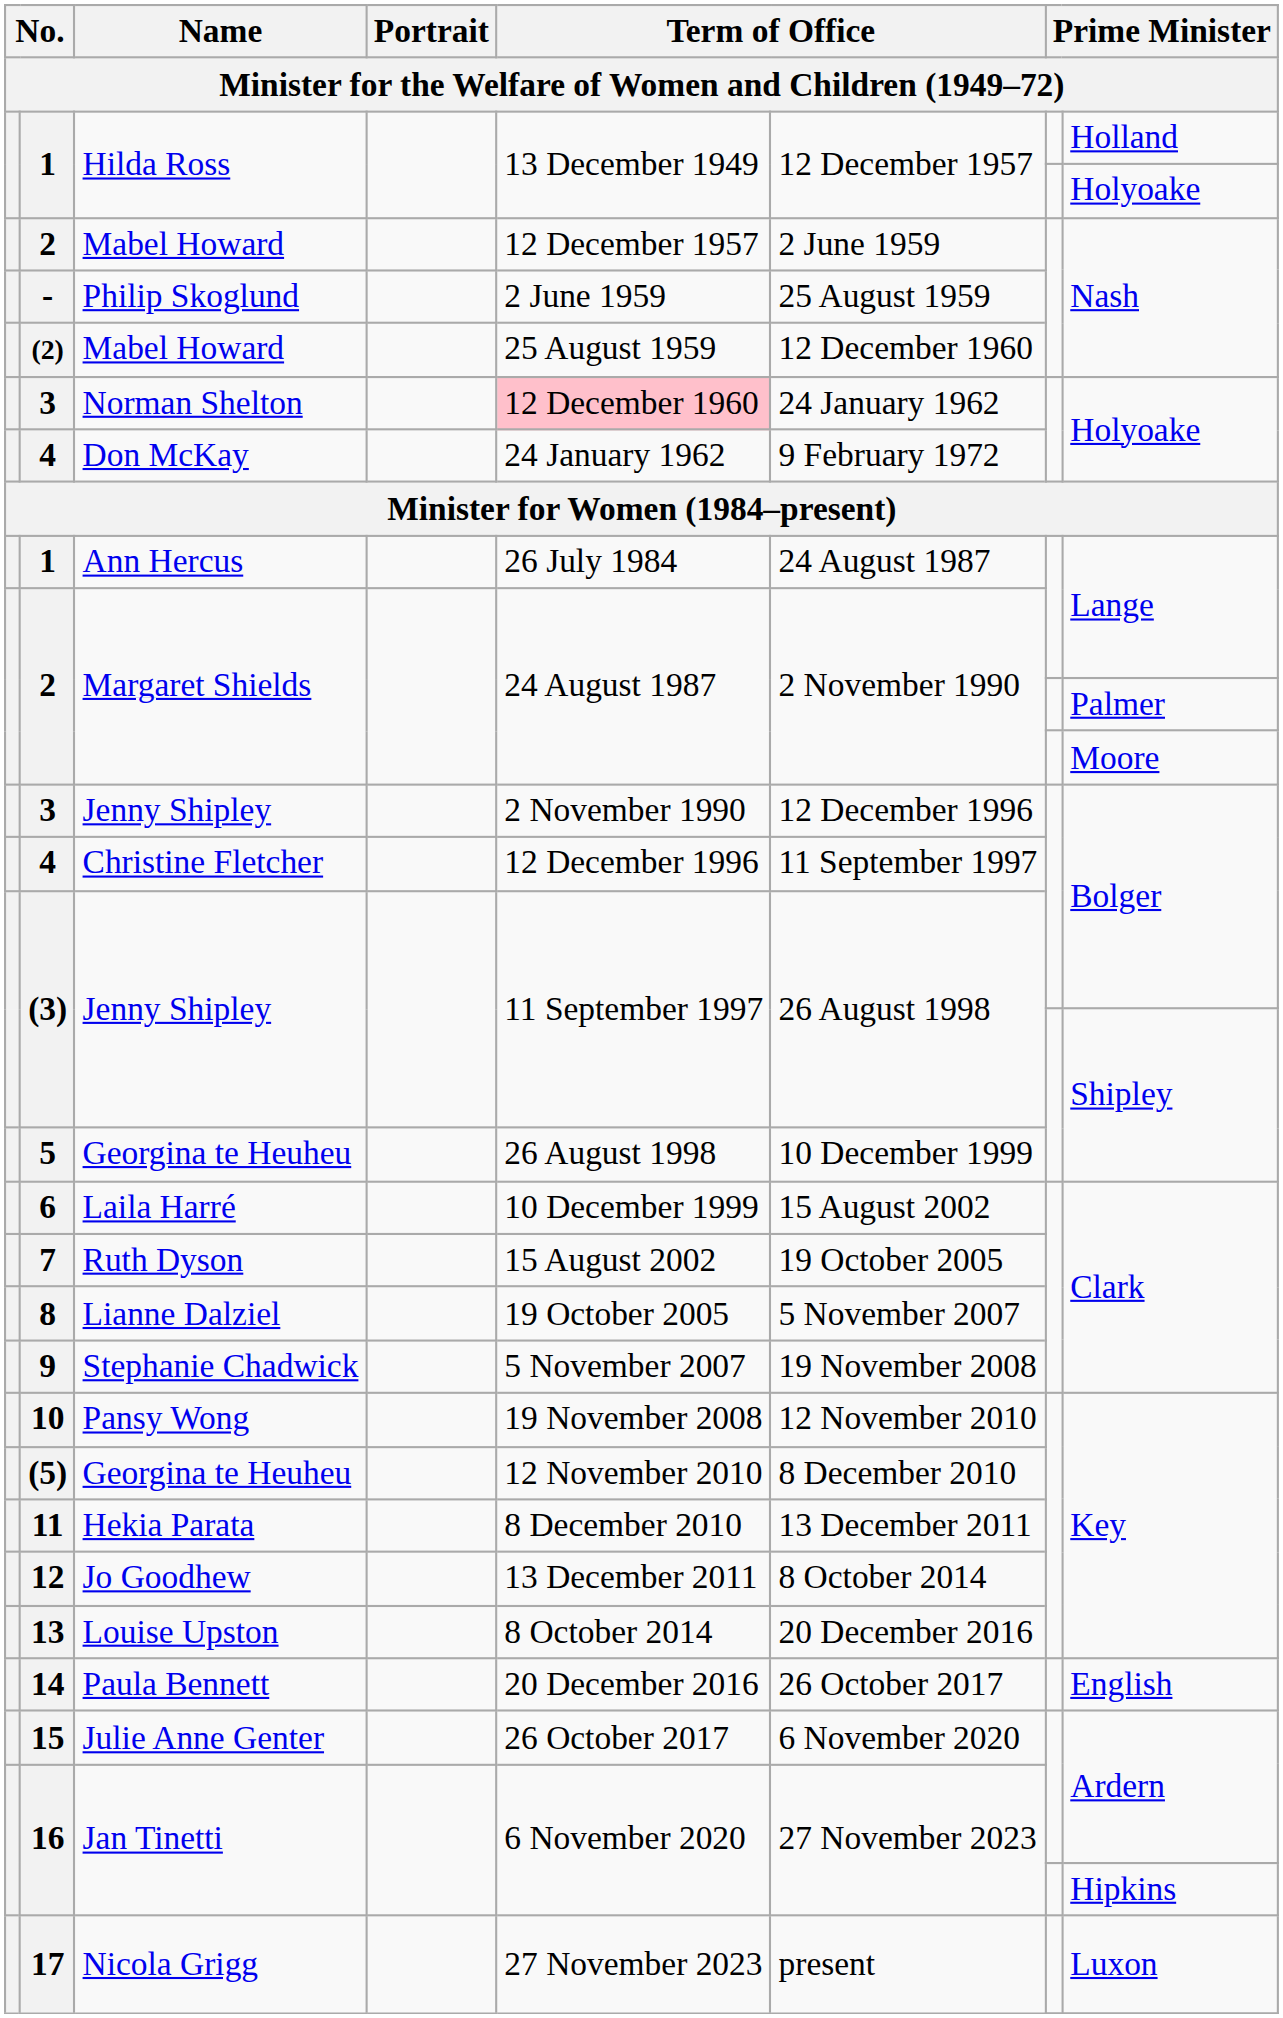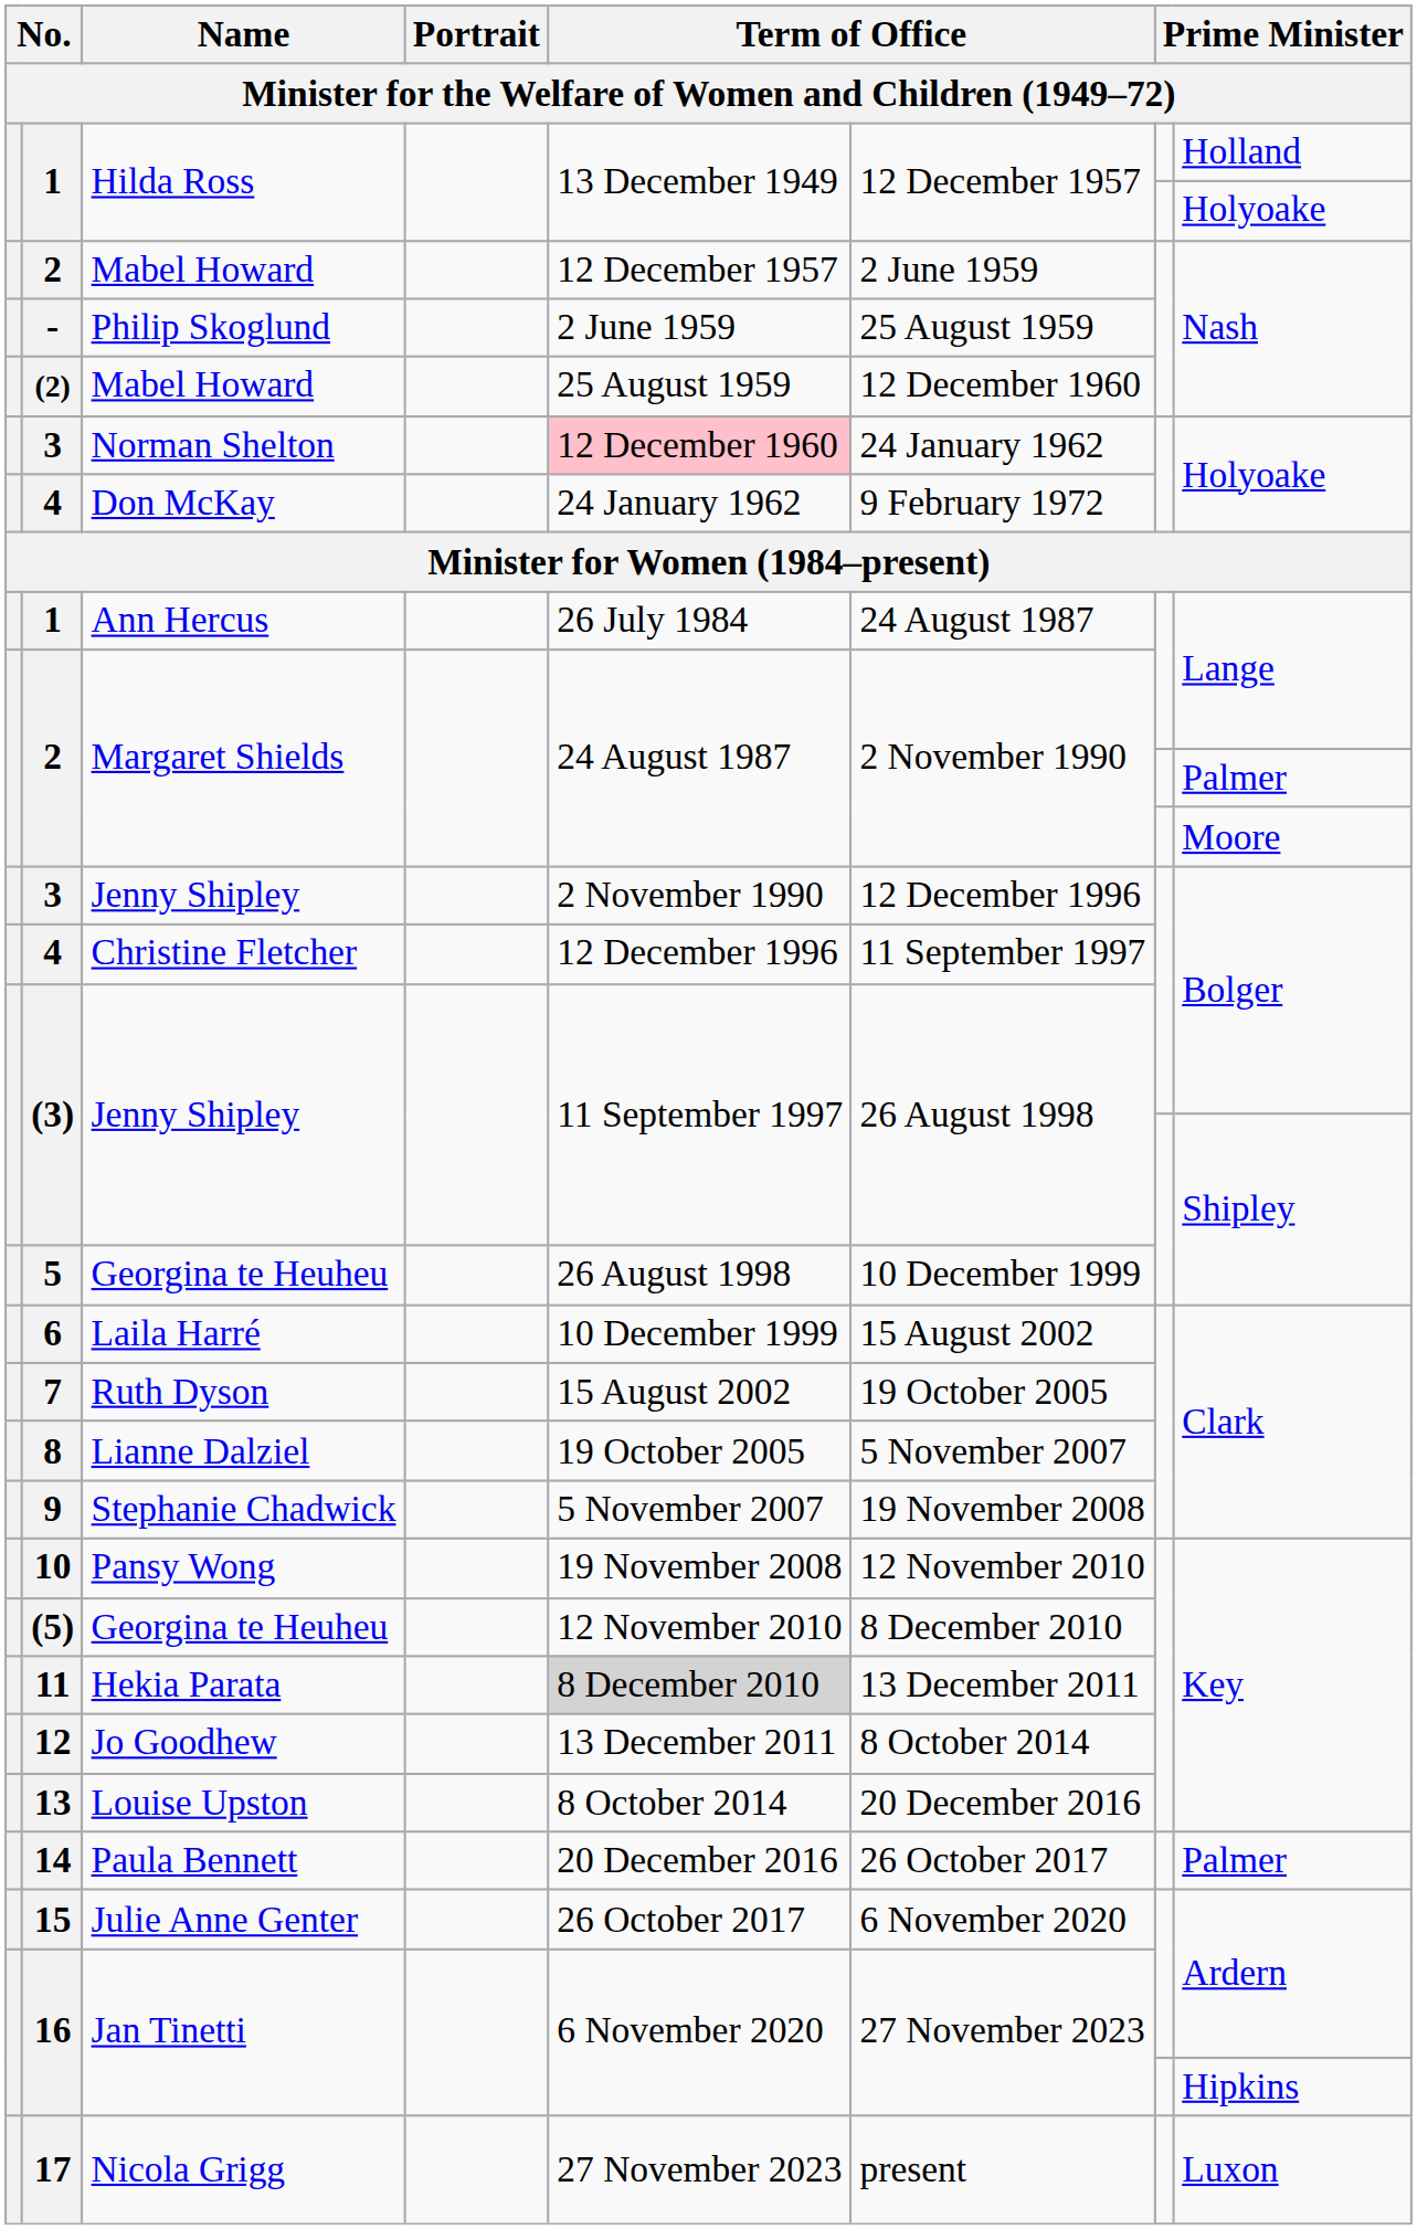 <table class="wikitable">
 <tr>
 <th colspan="2">No.</th>
 <th>Name</th>
 <th>Portrait</th>
 <th colspan="2">Term of Office</th>
 <th colspan="2">Prime Minister</th>
 </tr>
 <tr>
 <th colspan=8>Minister for the Welfare of Women and Children (1949–72)</th>
 </tr>
 <tr>
 <th rowspan=2 style="background:"></th>
 <th rowspan=2>1</th>
 <td rowspan=2><a href='#'>Hilda Ross</a></td>
 <td rowspan=2></td>
 <td rowspan=2>13 December 1949</td>
 <td rowspan=2>12 December 1957</td>
 <td style="background:"></td>
 <td><a href='#'>Holland</a></td>
 </tr>
 <tr>
 <td style="background:"></td>
 <td><a href='#'>Holyoake</a></td>
 </tr>
 <tr>
 <th style="background:"></th>
 <th>2</th>
 <td><a href='#'>Mabel Howard</a></td>
 <td></td>
 <td>12 December 1957</td>
 <td>2 June 1959</td>
 <td rowspan=3 style="background:"></td>
 <td rowspan=3><a href='#'>Nash</a></td>
 </tr>
 <tr>
 <th style="background:"></th>
 <th>-</th>
 <td><a href='#'>Philip Skoglund</a><br></td>
 <td></td>
 <td>2 June 1959</td>
 <td>25 August 1959</td>
 </tr>
 <tr>
 <th style="background:"></th>
 <th><small>(2)</small></th>
 <td><a href='#'>Mabel Howard</a></td>
 <td></td>
 <td>25 August 1959</td>
 <td>12 December 1960</td>
 </tr>
 <tr>
 <th style="background:"></th>
 <th>3</th>
 <td><a href='#'>Norman Shelton</a></td>
 <td></td>
 <td style="background: pink;">12 December 1960</td>
 <td>24 January 1962</td>
 <td rowspan=2 style="background:"></td>
 <td rowspan=2><a href='#'>Holyoake</a></td>
 </tr>
 <tr>
 <th style="background:"></th>
 <th>4</th>
 <td><a href='#'>Don McKay</a></td>
 <td></td>
 <td>24 January 1962</td>
 <td>9 February 1972</td>
 </tr>
 <tr>
 <th colspan=8>Minister for Women (1984–present)</th>
 </tr>
 <tr>
 <th style="background:"></th>
 <th>1</th>
 <td><a href='#'>Ann Hercus</a></td>
 <td></td>
 <td>26 July 1984</td>
 <td>24 August 1987</td>
 <td width=1 style="border-bottom:solid 0 grey; background:"></td>
 <td rowspan=2><a href='#'>Lange</a></td>
 </tr>
 <tr>
 <th rowspan=3 style="background:"></th>
 <th rowspan=3>2</th>
 <td rowspan=3><a href='#'>Margaret Shields</a></td>
 <td rowspan=3></td>
 <td rowspan=3>24 August 1987</td>
 <td rowspan=3>2 November 1990</td>
 <td height=36 style="border-top:solid 0 grey; background:"></td>
 </tr>
 <tr>
 <td style="background:"></td>
 <td><a href='#'>Palmer</a></td>
 </tr>
 <tr>
 <td style="background:"></td>
 <td><a href='#'>Moore</a></td>
 </tr>
 <tr>
 <th style="background:"></th>
 <th>3</th>
 <td><a href='#'>Jenny Shipley</a></td>
 <td></td>
 <td>2 November 1990</td>
 <td>12 December 1996</td>
 <td rowspan="3" style="background:"></td>
 <td rowspan="3"><a href='#'>Bolger</a></td>
 </tr>
 <tr>
 <th style="background:"></th>
 <th>4</th>
 <td><a href='#'>Christine Fletcher</a></td>
 <td></td>
 <td>12 December 1996</td>
 <td>11 September 1997</td>
 </tr>
 <tr>
 <th height=50 style="border-bottom:solid 0 grey; background:"></th>
 <th rowspan="2">(3)</th>
 <td rowspan="2"><a href='#'>Jenny Shipley</a></td>
 <td rowspan="2"></td>
 <td rowspan="2">11 September 1997</td>
 <td rowspan="2">26 August 1998</td>
 </tr>
 <tr>
 <th height=50 style="border-top:solid 0 grey; background:"></th>
 <td rowspan="2" style="background:"></td>
 <td rowspan="2"><a href='#'>Shipley</a></td>
 </tr>
 <tr>
 <th style="background:"></th>
 <th>5</th>
 <td><a href='#'>Georgina te Heuheu</a></td>
 <td></td>
 <td>26 August 1998</td>
 <td>10 December 1999</td>
 </tr>
 <tr>
 <th style="background:"></th>
 <th>6</th>
 <td><a href='#'>Laila Harré</a></td>
 <td></td>
 <td>10 December 1999</td>
 <td>15 August 2002</td>
 <td rowspan="4" style="background:"></td>
 <td rowspan="4"><a href='#'>Clark</a></td>
 </tr>
 <tr>
 <th style="background:"></th>
 <th>7</th>
 <td><a href='#'>Ruth Dyson</a></td>
 <td></td>
 <td>15 August 2002</td>
 <td>19 October 2005</td>
 </tr>
 <tr>
 <th style="background:"></th>
 <th>8</th>
 <td><a href='#'>Lianne Dalziel</a></td>
 <td></td>
 <td>19 October 2005</td>
 <td>5 November 2007</td>
 </tr>
 <tr>
 <th style="background:"></th>
 <th>9</th>
 <td><a href='#'>Stephanie Chadwick</a></td>
 <td></td>
 <td>5 November 2007</td>
 <td>19 November 2008</td>
 </tr>
 <tr>
 <th style="background:"></th>
 <th>10</th>
 <td><a href='#'>Pansy Wong</a></td>
 <td></td>
 <td>19 November 2008</td>
 <td>12 November 2010</td>
 <td rowspan="5" style="background:"></td>
 <td rowspan="5"><a href='#'>Key</a></td>
 </tr>
 <tr>
 <th style="background:"></th>
 <th>(5)</th>
 <td><a href='#'>Georgina te Heuheu</a><br></td>
 <td></td>
 <td>12 November 2010</td>
 <td>8 December 2010</td>
 </tr>
 <tr>
 <th style="background:"></th>
 <th>11</th>
 <td><a href='#'>Hekia Parata</a></td>
 <td></td>
-<td>8 December 2010</td>
+<td style="background: lightgrey;">8 December 2010</td>
 <td>13 December 2011</td>
 </tr>
 <tr>
 <th style="background:"></th>
 <th>12</th>
 <td><a href='#'>Jo Goodhew</a></td>
 <td></td>
 <td>13 December 2011</td>
 <td>8 October 2014</td>
 </tr>
 <tr>
 <th style="background:"></th>
 <th>13</th>
 <td><a href='#'>Louise Upston</a></td>
 <td></td>
 <td>8 October 2014</td>
 <td>20 December 2016</td>
 </tr>
 <tr>
 <th style="background:"></th>
 <th>14</th>
 <td><a href='#'>Paula Bennett</a></td>
 <td></td>
 <td>20 December 2016</td>
 <td>26 October 2017</td>
 <td style="background:"></td>
-<td><a href='#'>English</a></td>
+<td><a href='#'>Palmer</a></td>
 </tr>
 <tr>
 <th style="background:"></th>
 <th>15</th>
 <td><a href='#'>Julie Anne Genter</a></td>
 <td></td>
 <td>26 October 2017</td>
 <td>6 November 2020</td>
 <td rowspan="2" style="background:"></td>
 <td rowspan="2"><a href='#'>Ardern</a></td>
 </tr>
 <tr>
 <th height=40 style="border-bottom:solid 0 grey; background:"></th>
 <th rowspan="2">16</th>
 <td rowspan="2"><a href='#'>Jan Tinetti</a></td>
 <td rowspan="2"></td>
 <td rowspan="2">6 November 2020</td>
 <td rowspan="2">27 November 2023</td>
 </tr>
 <tr>
 <th height=15 style="border-top:solid 0 grey; background:"></th>
 <td style="background:"></td>
 <td><a href='#'>Hipkins</a></td>
 </tr>
 <tr>
 <th height=40 style="border-bottom:solid 0 grey; background:"></th>
 <th rowspan="2">17</th>
 <td rowspan="2"><a href='#'>Nicola Grigg</a></td>
 <td rowspan="2"></td>
 <td rowspan="2">27 November 2023</td>
 <td rowspan="2">present</td>
 <td style="background:"></td>
 <td><a href='#'>Luxon</a></td>
 </tr>
 <tr>
 </tr>
 </table>
